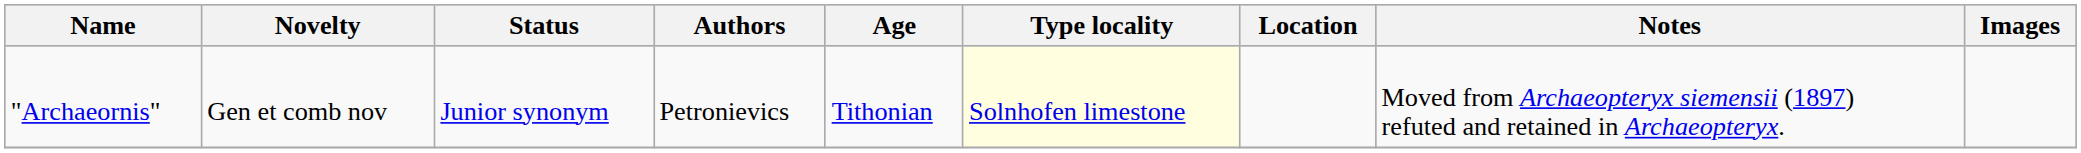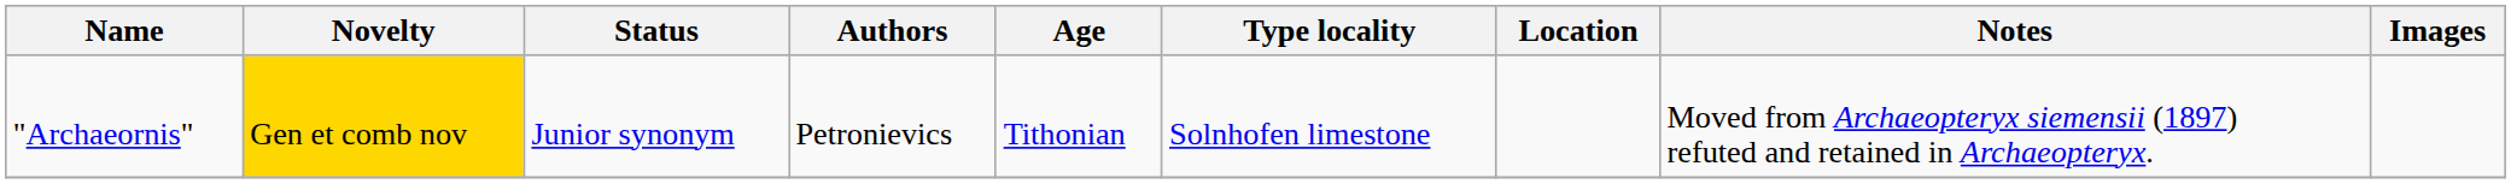 <table class="wikitable sortable" align="center" width="100%">
 <tr>
 <th>Name</th>
 <th>Novelty</th>
 <th>Status</th>
 <th>Authors</th>
 <th>Age</th>
 <th>Type locality</th>
 <th>Location</th>
 <th>Notes</th>
 <th>Images</th>
 </tr>
 <tr>
 <td><br>"<a href='#'>Archaeornis</a>"</td>
-<td><br>Gen et comb nov</td>
+<td style="background: gold;"><br>Gen et comb nov</td>
 <td><br><a href='#'>Junior synonym</a></td>
 <td><br>Petronievics</td>
 <td><br><a href='#'>Tithonian</a></td>
-<td style="background: lightyellow;"><br><a href='#'>Solnhofen limestone</a></td>
+<td><br><a href='#'>Solnhofen limestone</a></td>
 <td><br></td>
 <td><br>Moved from <em><a href='#'>Archaeopteryx siemensii</a></em> (<a href='#'>1897</a>)<br> refuted and retained in <em><a href='#'>Archaeopteryx</a></em>.</td>
 <td><br></td>
 </tr>
 <tr>
 </tr>
 </table>
